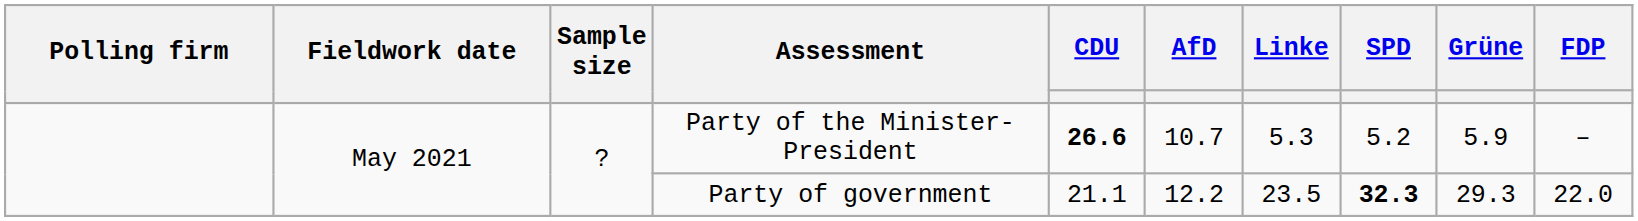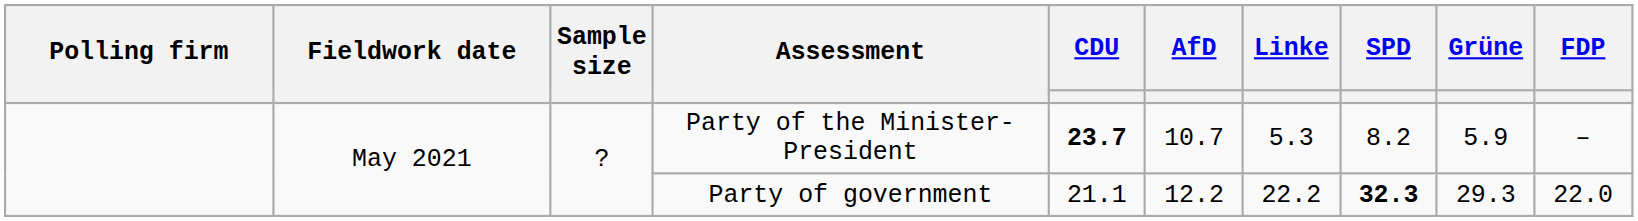 <table class="wikitable sortable" style="text-align:center;font-size:90%;line-height:14px;">
 <tr style="height:40px;">
 <th style="width:120px;" rowspan="2">Polling firm</th>
 <th style="width:125px;" rowspan="2">Fieldwork date</th>
 <th style="width:35px;" rowspan="2">Sample<br>size</th>
 <th style="width:180px;" rowspan="2">Assessment</th>
 <th class="unsortable" style="width:40px;"><a href='#'>CDU</a></th>
 <th class="unsortable" style="width:40px;"><a href='#'>AfD</a></th>
 <th class="unsortable" style="width:40px;"><a href='#'>Linke</a></th>
 <th class="unsortable" style="width:40px;"><a href='#'>SPD</a></th>
 <th class="unsortable" style="width:40px;"><a href='#'>Grüne</a></th>
 <th class="unsortable" style="width:40px;"><a href='#'>FDP</a></th>
 </tr>
 <tr>
 <th style="background:"></th>
 <th style="background:"></th>
 <th style="background:"></th>
 <th style="background:"></th>
 <th style="background:"></th>
 <th style="background:"></th>
 </tr>
 <tr>
 <td rowspan=2></td>
 <td rowspan=2 data-sort-value="2021-05-19">May 2021</td>
 <td rowspan=2>?</td>
 <td>Party of the Minister-President</td>
-<td><strong>26.6</strong></td>
+<td><strong>23.7</strong></td>
 <td>10.7</td>
 <td>5.3</td>
-<td>5.2</td>
+<td>8.2</td>
 <td>5.9</td>
 <td>–</td>
 </tr>
 <tr>
 <td>Party of government</td>
 <td>21.1</td>
 <td>12.2</td>
-<td>23.5</td>
+<td>22.2</td>
 <td><strong>32.3</strong></td>
 <td>29.3</td>
 <td>22.0</td>
 </tr>
 </table>
